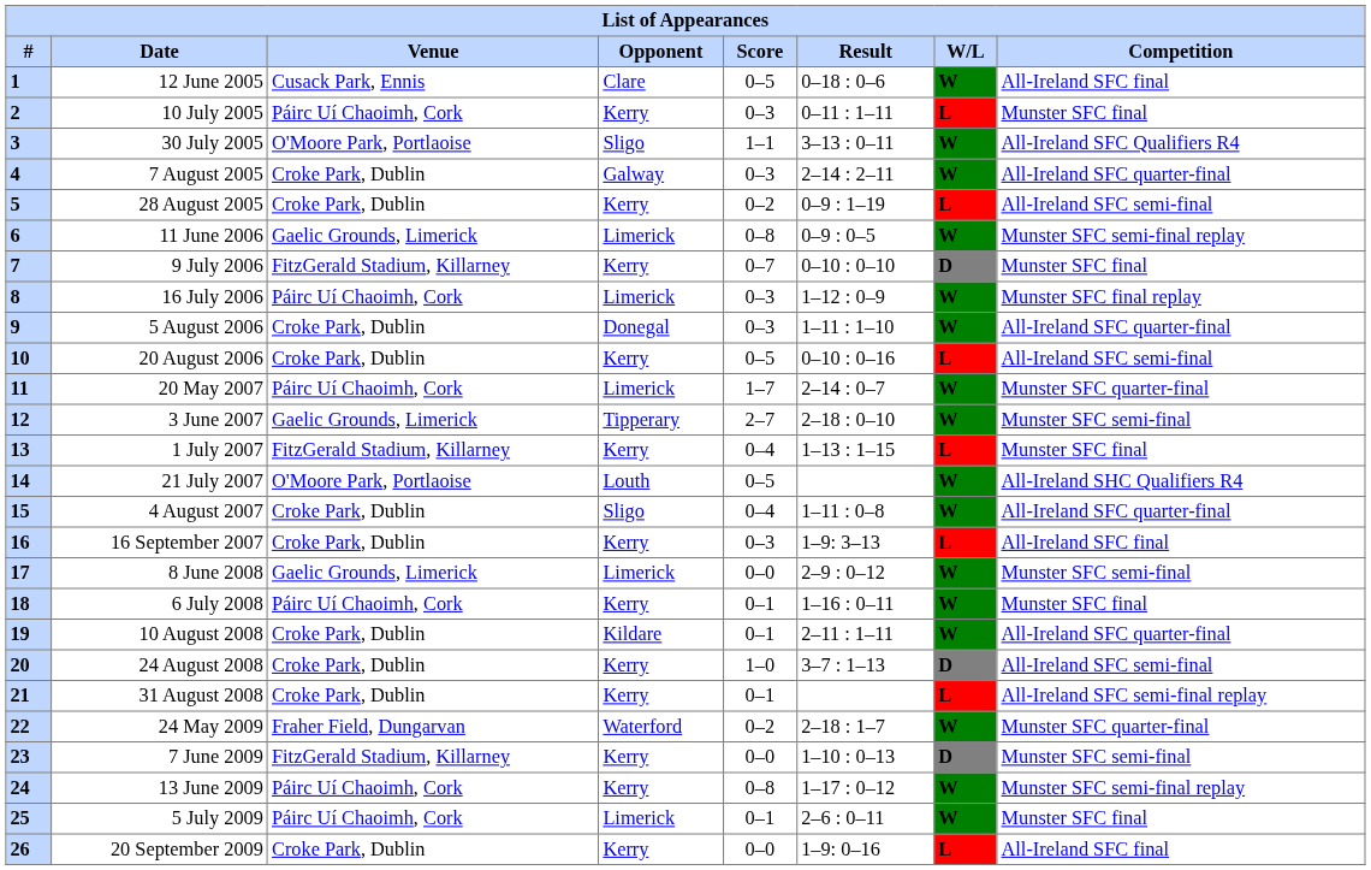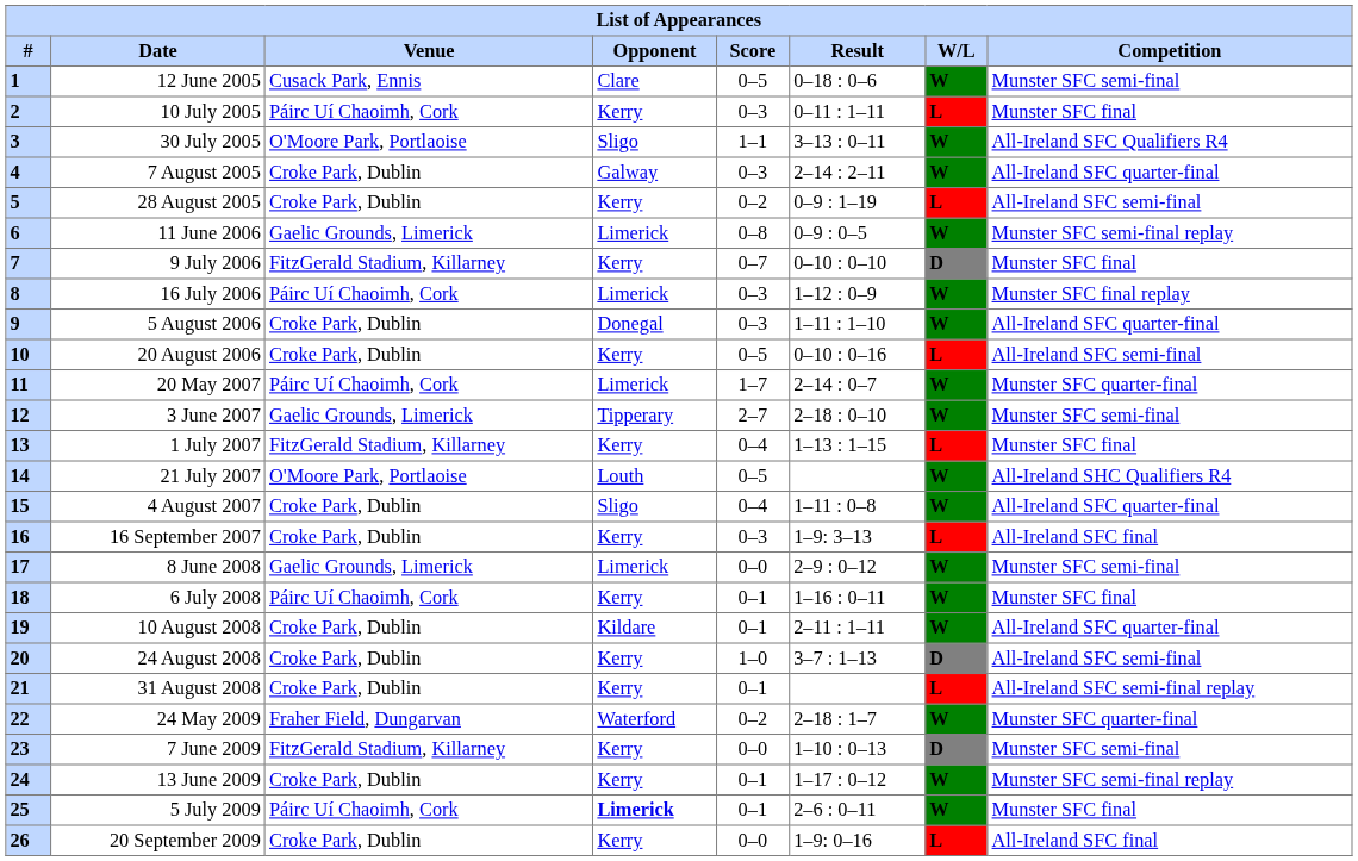 <table border=1 cellpadding=3 width="70%" style="margin-left:1em; colour: black; border-collapse: collapse;">
 <tr bgcolor="BFD7FF">
 <th colspan="8"><strong>List of Appearances</strong></th>
 </tr>
 <tr bgcolor="BFD7FF">
 <th width=30 style="text-align: centr;">#</th>
 <th>Date</th>
 <th>Venue</th>
 <th>Opponent</th>
 <th>Score</th>
 <th>Result</th>
 <th>W/L</th>
 <th>Competition</th>
 </tr>
 <tr>
 <td style="text-align: centr;" bgcolor="BFD7FF"><strong>1</strong></td>
 <td align=right>12 June 2005</td>
 <td><a href='#'>Cusack Park</a>, <a href='#'>Ennis</a></td>
 <td><a href='#'>Clare</a></td>
 <td style="text-align: center;">0–5</td>
 <td>0–18 : 0–6</td>
 <td style="text-align: centr;" bgcolor="green"><strong>W</strong></td>
-<td><a href='#'>All-Ireland SFC final</a></td>
+<td><a href='#'>Munster SFC semi-final</a></td>
 </tr>
 <tr>
 <td style="text-align: centr;" bgcolor="BFD7FF"><strong>2</strong></td>
 <td align=right>10 July 2005</td>
 <td><a href='#'>Páirc Uí Chaoimh</a>, <a href='#'>Cork</a></td>
 <td><a href='#'>Kerry</a></td>
 <td style="text-align: center;">0–3</td>
 <td>0–11 : 1–11</td>
 <td style="text-align: centr;" bgcolor="red"><strong>L</strong></td>
 <td><a href='#'>Munster SFC final</a></td>
 </tr>
 <tr>
 <td style="text-align: centr;" bgcolor="BFD7FF"><strong>3</strong></td>
 <td align=right>30 July 2005</td>
 <td><a href='#'>O'Moore Park</a>, <a href='#'>Portlaoise</a></td>
 <td><a href='#'>Sligo</a></td>
 <td style="text-align: center;">1–1</td>
 <td>3–13 : 0–11</td>
 <td style="text-align: centr;" bgcolor="green"><strong>W</strong></td>
 <td><a href='#'>All-Ireland SFC Qualifiers R4</a></td>
 </tr>
 <tr>
 <td style="text-align: centr;" bgcolor="BFD7FF"><strong>4</strong></td>
 <td align=right>7 August 2005</td>
 <td><a href='#'>Croke Park</a>, Dublin</td>
 <td><a href='#'>Galway</a></td>
 <td style="text-align: center;">0–3</td>
 <td>2–14 : 2–11</td>
 <td style="text-align: centr;" bgcolor="green"><strong>W</strong></td>
 <td><a href='#'>All-Ireland SFC quarter-final</a></td>
 </tr>
 <tr>
 <td style="text-align: centr;" bgcolor="BFD7FF"><strong>5</strong></td>
 <td align=right>28 August 2005</td>
 <td><a href='#'>Croke Park</a>, Dublin</td>
 <td><a href='#'>Kerry</a></td>
 <td style="text-align: center;">0–2</td>
 <td>0–9 : 1–19</td>
 <td style="text-align: centr;" bgcolor="red"><strong>L</strong></td>
 <td><a href='#'>All-Ireland SFC semi-final</a></td>
 </tr>
 <tr>
 <td style="text-align: centr;" bgcolor="BFD7FF"><strong>6</strong></td>
 <td align=right>11 June 2006</td>
 <td><a href='#'>Gaelic Grounds</a>, <a href='#'>Limerick</a></td>
 <td><a href='#'>Limerick</a></td>
 <td style="text-align: center;">0–8</td>
 <td>0–9 : 0–5</td>
 <td style="text-align: centr;" bgcolor="green"><strong>W</strong></td>
 <td><a href='#'>Munster SFC semi-final replay</a></td>
 </tr>
 <tr>
 <td style="text-align: centr;" bgcolor="BFD7FF"><strong>7</strong></td>
 <td align=right>9 July 2006</td>
 <td><a href='#'>FitzGerald Stadium</a>, <a href='#'>Killarney</a></td>
 <td><a href='#'>Kerry</a></td>
 <td style="text-align: center;">0–7</td>
 <td>0–10 : 0–10</td>
 <td style="text-align: centr;" bgcolor="grey"><strong>D</strong></td>
 <td><a href='#'>Munster SFC final</a></td>
 </tr>
 <tr>
 <td style="text-align: centr;" bgcolor="BFD7FF"><strong>8</strong></td>
 <td align=right>16 July 2006</td>
 <td><a href='#'>Páirc Uí Chaoimh</a>, <a href='#'>Cork</a></td>
 <td><a href='#'>Limerick</a></td>
 <td style="text-align: center;">0–3</td>
 <td>1–12 : 0–9</td>
 <td style="text-align: centr;" bgcolor="green"><strong>W</strong></td>
 <td><a href='#'>Munster SFC final replay</a></td>
 </tr>
 <tr>
 <td style="text-align: centr;" bgcolor="BFD7FF"><strong>9</strong></td>
 <td align=right>5 August 2006</td>
 <td><a href='#'>Croke Park</a>, Dublin</td>
 <td><a href='#'>Donegal</a></td>
 <td style="text-align: center;">0–3</td>
 <td>1–11 : 1–10</td>
 <td style="text-align: centr;" bgcolor="green"><strong>W</strong></td>
 <td><a href='#'>All-Ireland SFC quarter-final</a></td>
 </tr>
 <tr>
 <td style="text-align: centr;" bgcolor="BFD7FF"><strong>10</strong></td>
 <td align=right>20 August 2006</td>
 <td><a href='#'>Croke Park</a>, Dublin</td>
 <td><a href='#'>Kerry</a></td>
 <td style="text-align: center;">0–5</td>
 <td>0–10 : 0–16</td>
 <td style="text-align: centr;" bgcolor="red"><strong>L</strong></td>
 <td><a href='#'>All-Ireland SFC semi-final</a></td>
 </tr>
 <tr>
 <td style="text-align: centr;" bgcolor="BFD7FF"><strong>11</strong></td>
 <td align=right>20 May 2007</td>
 <td><a href='#'>Páirc Uí Chaoimh</a>, <a href='#'>Cork</a></td>
 <td><a href='#'>Limerick</a></td>
 <td style="text-align: center;">1–7</td>
 <td>2–14 : 0–7</td>
 <td style="text-align: centr;" bgcolor="green"><strong>W</strong></td>
 <td><a href='#'>Munster SFC quarter-final</a></td>
 </tr>
 <tr>
 <td style="text-align: centr;" bgcolor="BFD7FF"><strong>12</strong></td>
 <td align=right>3 June 2007</td>
 <td><a href='#'>Gaelic Grounds</a>, <a href='#'>Limerick</a></td>
 <td><a href='#'>Tipperary</a></td>
 <td style="text-align: center;">2–7</td>
 <td>2–18 : 0–10</td>
 <td style="text-align: centr;" bgcolor="green"><strong>W</strong></td>
 <td><a href='#'>Munster SFC semi-final</a></td>
 </tr>
 <tr>
 <td style="text-align: centr;" bgcolor="BFD7FF"><strong>13</strong></td>
 <td align=right>1 July 2007</td>
 <td><a href='#'>FitzGerald Stadium</a>, <a href='#'>Killarney</a></td>
 <td><a href='#'>Kerry</a></td>
 <td style="text-align: center;">0–4</td>
 <td>1–13 : 1–15</td>
 <td style="text-align: centr;" bgcolor="red"><strong>L</strong></td>
 <td><a href='#'>Munster SFC final</a></td>
 </tr>
 <tr>
 <td style="text-align: centr;" bgcolor="BFD7FF"><strong>14</strong></td>
 <td align=right>21 July 2007</td>
 <td><a href='#'>O'Moore Park</a>, <a href='#'>Portlaoise</a></td>
 <td><a href='#'>Louth</a></td>
 <td style="text-align: center;">0–5</td>
 <td></td>
 <td style="text-align: centr;" bgcolor="green"><strong>W</strong></td>
 <td><a href='#'>All-Ireland SHC Qualifiers R4</a></td>
 </tr>
 <tr>
 <td style="text-align: centr;" bgcolor="BFD7FF"><strong>15</strong></td>
 <td align=right>4 August 2007</td>
 <td><a href='#'>Croke Park</a>, Dublin</td>
 <td><a href='#'>Sligo</a></td>
 <td style="text-align: center;">0–4</td>
 <td>1–11 : 0–8</td>
 <td style="text-align: centr;" bgcolor="green"><strong>W</strong></td>
 <td><a href='#'>All-Ireland SFC quarter-final</a></td>
 </tr>
 <tr>
 <td style="text-align: centr;" bgcolor="BFD7FF"><strong>16</strong></td>
 <td align=right>16 September 2007</td>
 <td><a href='#'>Croke Park</a>, Dublin</td>
 <td><a href='#'>Kerry</a></td>
 <td style="text-align: center;">0–3</td>
 <td>1–9: 3–13</td>
 <td style="text-align: centr;" bgcolor="red"><strong>L</strong></td>
 <td><a href='#'>All-Ireland SFC final</a></td>
 </tr>
 <tr>
 <td style="text-align: centr;" bgcolor="BFD7FF"><strong>17</strong></td>
 <td align=right>8 June 2008</td>
 <td><a href='#'>Gaelic Grounds</a>, <a href='#'>Limerick</a></td>
 <td><a href='#'>Limerick</a></td>
 <td style="text-align: center;">0–0</td>
 <td>2–9 : 0–12</td>
 <td style="text-align: centr;" bgcolor="green"><strong>W</strong></td>
 <td><a href='#'>Munster SFC semi-final</a></td>
 </tr>
 <tr>
 <td style="text-align: centr;" bgcolor="BFD7FF"><strong>18</strong></td>
 <td align=right>6 July 2008</td>
 <td><a href='#'>Páirc Uí Chaoimh</a>, <a href='#'>Cork</a></td>
 <td><a href='#'>Kerry</a></td>
 <td style="text-align: center;">0–1</td>
 <td>1–16 : 0–11</td>
 <td style="text-align: centr;" bgcolor="green"><strong>W</strong></td>
 <td><a href='#'>Munster SFC final</a></td>
 </tr>
 <tr>
 <td style="text-align: centr;" bgcolor="BFD7FF"><strong>19</strong></td>
 <td align=right>10 August 2008</td>
 <td><a href='#'>Croke Park</a>, Dublin</td>
 <td><a href='#'>Kildare</a></td>
 <td style="text-align: center;">0–1</td>
 <td>2–11 : 1–11</td>
 <td style="text-align: centr;" bgcolor="green"><strong>W</strong></td>
 <td><a href='#'>All-Ireland SFC quarter-final</a></td>
 </tr>
 <tr>
 <td style="text-align: centr;" bgcolor="BFD7FF"><strong>20</strong></td>
 <td align=right>24 August 2008</td>
 <td><a href='#'>Croke Park</a>, Dublin</td>
 <td><a href='#'>Kerry</a></td>
 <td style="text-align: center;">1–0</td>
 <td>3–7 : 1–13</td>
 <td style="text-align: centr;" bgcolor="grey"><strong>D</strong></td>
 <td><a href='#'>All-Ireland SFC semi-final</a></td>
 </tr>
 <tr>
 <td style="text-align: centr;" bgcolor="BFD7FF"><strong>21</strong></td>
 <td align=right>31 August 2008</td>
 <td><a href='#'>Croke Park</a>, Dublin</td>
 <td><a href='#'>Kerry</a></td>
 <td style="text-align: center;">0–1</td>
 <td></td>
 <td style="text-align: centr;" bgcolor="red"><strong>L</strong></td>
 <td><a href='#'>All-Ireland SFC semi-final replay</a></td>
 </tr>
 <tr>
 <td style="text-align: centr;" bgcolor="BFD7FF"><strong>22</strong></td>
 <td align=right>24 May 2009</td>
 <td><a href='#'>Fraher Field</a>, <a href='#'>Dungarvan</a></td>
 <td><a href='#'>Waterford</a></td>
 <td style="text-align: center;">0–2</td>
 <td>2–18 : 1–7</td>
 <td style="text-align: centr;" bgcolor="green"><strong>W</strong></td>
 <td><a href='#'>Munster SFC quarter-final</a></td>
 </tr>
 <tr>
 <td style="text-align: centr;" bgcolor="BFD7FF"><strong>23</strong></td>
 <td align=right>7 June 2009</td>
 <td><a href='#'>FitzGerald Stadium</a>, <a href='#'>Killarney</a></td>
 <td><a href='#'>Kerry</a></td>
 <td style="text-align: center;">0–0</td>
 <td>1–10 : 0–13</td>
 <td style="text-align: centr;" bgcolor="grey"><strong>D</strong></td>
 <td><a href='#'>Munster SFC semi-final</a></td>
 </tr>
 <tr>
 <td style="text-align: centr;" bgcolor="BFD7FF"><strong>24</strong></td>
 <td align=right>13 June 2009</td>
-<td><a href='#'>Páirc Uí Chaoimh</a>, <a href='#'>Cork</a></td>
+<td><a href='#'>Croke Park</a>, Dublin</td>
 <td><a href='#'>Kerry</a></td>
-<td style="text-align: center;">0–8</td>
+<td style="text-align: center;">0–1</td>
 <td>1–17 : 0–12</td>
 <td style="text-align: centr;" bgcolor="green"><strong>W</strong></td>
 <td><a href='#'>Munster SFC semi-final replay</a></td>
 </tr>
 <tr>
 <td style="text-align: centr;" bgcolor="BFD7FF"><strong>25</strong></td>
 <td align=right>5 July 2009</td>
 <td><a href='#'>Páirc Uí Chaoimh</a>, <a href='#'>Cork</a></td>
-<td><a href='#'>Limerick</a></td>
+<td><strong><a href='#'>Limerick</a></strong></td>
 <td style="text-align: center;">0–1</td>
 <td>2–6 : 0–11</td>
 <td style="text-align: centr;" bgcolor="green"><strong>W</strong></td>
 <td><a href='#'>Munster SFC final</a></td>
 </tr>
 <tr>
 <td style="text-align: centr;" bgcolor="BFD7FF"><strong>26</strong></td>
 <td align=right>20 September 2009</td>
 <td><a href='#'>Croke Park</a>, Dublin</td>
 <td><a href='#'>Kerry</a></td>
 <td style="text-align: center;">0–0</td>
 <td>1–9: 0–16</td>
 <td style="text-align: centr;" bgcolor="red"><strong>L</strong></td>
 <td><a href='#'>All-Ireland SFC final</a></td>
 </tr>
 </table>
